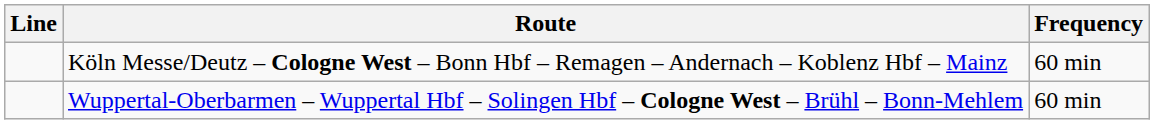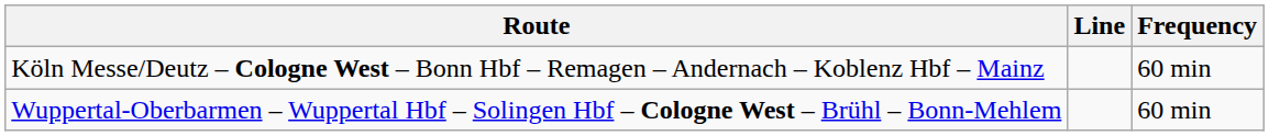 <table class="wikitable">
 <tr>
+<th>Route</th>
 <th>Line</th>
-<th>Route</th>
 <th>Frequency</th>
 </tr>
 <tr>
+<td>Köln Messe/Deutz – <strong>Cologne West</strong>  – Bonn Hbf – Remagen – Andernach – Koblenz Hbf – <a href='#'>Mainz</a></td>
 <td></td>
-<td>Köln Messe/Deutz – <strong>Cologne West</strong>  – Bonn Hbf – Remagen – Andernach – Koblenz Hbf – <a href='#'>Mainz</a></td>
 <td>60 min</td>
 </tr>
 <tr>
+<td><a href='#'>Wuppertal-Oberbarmen</a> – <a href='#'>Wuppertal Hbf</a> – <a href='#'>Solingen Hbf</a> – <strong>Cologne West</strong> – <a href='#'>Brühl</a> – <a href='#'>Bonn-Mehlem</a></td>
 <td></td>
-<td><a href='#'>Wuppertal-Oberbarmen</a> – <a href='#'>Wuppertal Hbf</a> – <a href='#'>Solingen Hbf</a> – <strong>Cologne West</strong> – <a href='#'>Brühl</a> – <a href='#'>Bonn-Mehlem</a></td>
 <td>60 min</td>
 </tr>
 </table>
